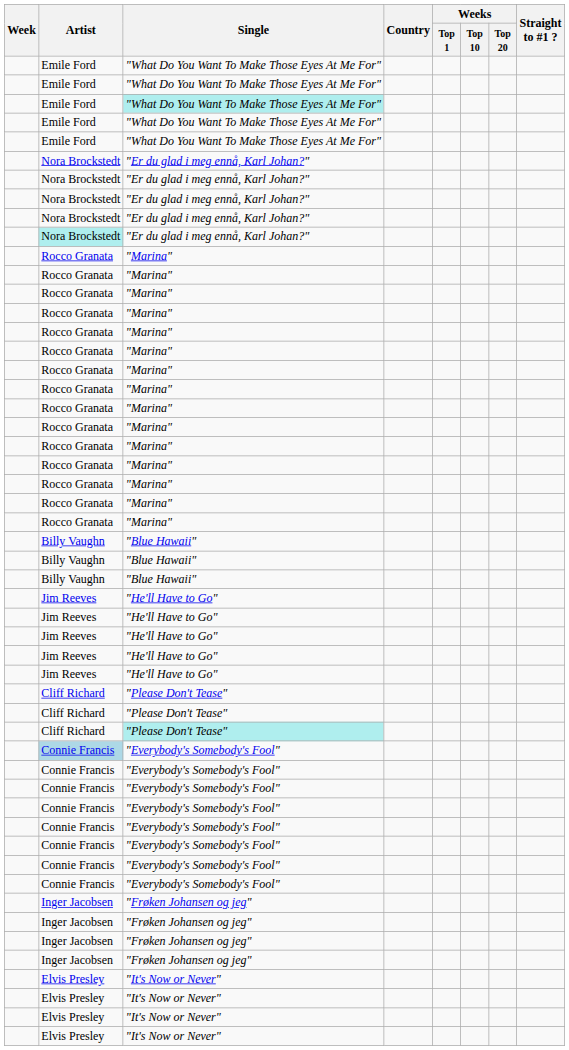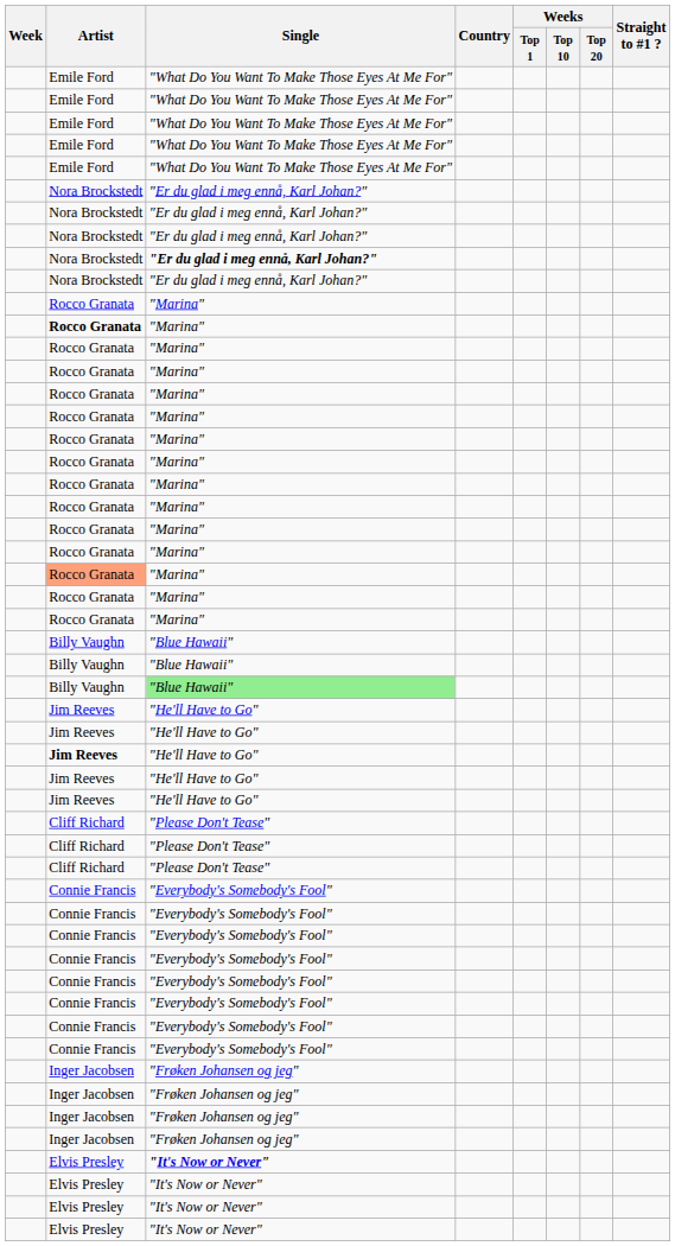 <table class="wikitable">
 <tr>
 <th rowspan="2">Week</th>
 <th rowspan="2">Artist</th>
 <th rowspan="2">Single</th>
 <th rowspan="2">Country</th>
 <th colspan="3">Weeks</th>
 <th rowspan="2">Straight <br>to #1 ?</th>
 </tr>
 <tr>
 <th width="30"><small>Top 1</small></th>
 <th width="30"><small>Top 10</small></th>
 <th width="30"><small>Top 20</small></th>
 </tr>
 <tr>
 <td></td>
 <td>Emile Ford</td>
 <td><em>"What Do You Want To Make Those Eyes At Me For"</em></td>
 <td></td>
 <td></td>
 <td></td>
 <td></td>
 <td></td>
 </tr>
 <tr>
 <td></td>
 <td>Emile Ford</td>
 <td><em>"What Do You Want To Make Those Eyes At Me For"</em></td>
 <td></td>
 <td></td>
 <td></td>
 <td></td>
 <td></td>
 </tr>
 <tr>
 <td></td>
 <td>Emile Ford</td>
-<td style="background: paleturquoise;"><em>"What Do You Want To Make Those Eyes At Me For"</em></td>
+<td><em>"What Do You Want To Make Those Eyes At Me For"</em></td>
 <td></td>
 <td></td>
 <td></td>
 <td></td>
 <td></td>
 </tr>
 <tr>
 <td></td>
 <td>Emile Ford</td>
 <td><em>"What Do You Want To Make Those Eyes At Me For"</em></td>
 <td></td>
 <td></td>
 <td></td>
 <td></td>
 <td></td>
 </tr>
 <tr>
 <td></td>
 <td>Emile Ford</td>
 <td><em>"What Do You Want To Make Those Eyes At Me For"</em></td>
 <td></td>
 <td></td>
 <td></td>
 <td></td>
 <td></td>
 </tr>
 <tr>
 <td></td>
 <td><a href='#'>Nora Brockstedt</a></td>
 <td><em>"<a href='#'>Er du glad i meg ennå, Karl Johan?</a>"</em></td>
 <td></td>
 <td></td>
 <td></td>
 <td></td>
 <td></td>
 </tr>
 <tr>
 <td></td>
 <td>Nora Brockstedt</td>
 <td><em>"Er du glad i meg ennå, Karl Johan?"</em></td>
 <td></td>
 <td></td>
 <td></td>
 <td></td>
 <td></td>
 </tr>
 <tr>
 <td></td>
 <td>Nora Brockstedt</td>
 <td><em>"Er du glad i meg ennå, Karl Johan?"</em></td>
 <td></td>
 <td></td>
 <td></td>
 <td></td>
 <td></td>
 </tr>
 <tr>
 <td></td>
 <td>Nora Brockstedt</td>
-<td><em>"Er du glad i meg ennå, Karl Johan?"</em></td>
+<td><strong><em>"Er du glad i meg ennå, Karl Johan?"</em></strong></td>
 <td></td>
 <td></td>
 <td></td>
 <td></td>
 <td></td>
 </tr>
 <tr>
 <td></td>
-<td style="background: paleturquoise;">Nora Brockstedt</td>
+<td>Nora Brockstedt</td>
 <td><em>"Er du glad i meg ennå, Karl Johan?"</em></td>
 <td></td>
 <td></td>
 <td></td>
 <td></td>
 <td></td>
 </tr>
 <tr>
 <td></td>
 <td><a href='#'>Rocco Granata</a></td>
 <td><em>"<a href='#'>Marina</a>"</em></td>
 <td></td>
 <td></td>
 <td></td>
 <td></td>
 <td></td>
 </tr>
 <tr>
 <td></td>
-<td>Rocco Granata</td>
+<td><strong>Rocco Granata</strong></td>
 <td><em>"Marina"</em></td>
 <td></td>
 <td></td>
 <td></td>
 <td></td>
 <td></td>
 </tr>
 <tr>
 <td></td>
 <td>Rocco Granata</td>
 <td><em>"Marina"</em></td>
 <td></td>
 <td></td>
 <td></td>
 <td></td>
 <td></td>
 </tr>
 <tr>
 <td></td>
 <td>Rocco Granata</td>
 <td><em>"Marina"</em></td>
 <td></td>
 <td></td>
 <td></td>
 <td></td>
 <td></td>
 </tr>
 <tr>
 <td></td>
 <td>Rocco Granata</td>
 <td><em>"Marina"</em></td>
 <td></td>
 <td></td>
 <td></td>
 <td></td>
 <td></td>
 </tr>
 <tr>
 <td></td>
 <td>Rocco Granata</td>
 <td><em>"Marina"</em></td>
 <td></td>
 <td></td>
 <td></td>
 <td></td>
 <td></td>
 </tr>
 <tr>
 <td></td>
 <td>Rocco Granata</td>
 <td><em>"Marina"</em></td>
 <td></td>
 <td></td>
 <td></td>
 <td></td>
 <td></td>
 </tr>
 <tr>
 <td></td>
 <td>Rocco Granata</td>
 <td><em>"Marina"</em></td>
 <td></td>
 <td></td>
 <td></td>
 <td></td>
 <td></td>
 </tr>
 <tr>
 <td></td>
 <td>Rocco Granata</td>
 <td><em>"Marina"</em></td>
 <td></td>
 <td></td>
 <td></td>
 <td></td>
 <td></td>
 </tr>
 <tr>
 <td></td>
 <td>Rocco Granata</td>
 <td><em>"Marina"</em></td>
 <td></td>
 <td></td>
 <td></td>
 <td></td>
 <td></td>
 </tr>
 <tr>
 <td></td>
 <td>Rocco Granata</td>
 <td><em>"Marina"</em></td>
 <td></td>
 <td></td>
 <td></td>
 <td></td>
 <td></td>
 </tr>
 <tr>
 <td></td>
 <td>Rocco Granata</td>
 <td><em>"Marina"</em></td>
 <td></td>
 <td></td>
 <td></td>
 <td></td>
 <td></td>
 </tr>
 <tr>
 <td></td>
-<td>Rocco Granata</td>
+<td style="background: lightsalmon;">Rocco Granata</td>
 <td><em>"Marina"</em></td>
 <td></td>
 <td></td>
 <td></td>
 <td></td>
 <td></td>
 </tr>
 <tr>
 <td></td>
 <td>Rocco Granata</td>
 <td><em>"Marina"</em></td>
 <td></td>
 <td></td>
 <td></td>
 <td></td>
 <td></td>
 </tr>
 <tr>
 <td></td>
 <td>Rocco Granata</td>
 <td><em>"Marina"</em></td>
 <td></td>
 <td></td>
 <td></td>
 <td></td>
 <td></td>
 </tr>
 <tr>
 <td></td>
 <td><a href='#'>Billy Vaughn</a></td>
 <td><em>"<a href='#'>Blue Hawaii</a>"</em></td>
 <td></td>
 <td></td>
 <td></td>
 <td></td>
 <td></td>
 </tr>
 <tr>
 <td></td>
 <td>Billy Vaughn</td>
 <td><em>"Blue Hawaii"</em></td>
 <td></td>
 <td></td>
 <td></td>
 <td></td>
 <td></td>
 </tr>
 <tr>
 <td></td>
 <td>Billy Vaughn</td>
-<td><em>"Blue Hawaii"</em></td>
+<td style="background: lightgreen;"><em>"Blue Hawaii"</em></td>
 <td></td>
 <td></td>
 <td></td>
 <td></td>
 <td></td>
 </tr>
 <tr>
 <td></td>
 <td><a href='#'>Jim Reeves</a></td>
 <td><em>"<a href='#'>He'll Have to Go</a>"</em></td>
 <td></td>
 <td></td>
 <td></td>
 <td></td>
 <td></td>
 </tr>
 <tr>
 <td></td>
 <td>Jim Reeves</td>
 <td><em>"He'll Have to Go"</em></td>
 <td></td>
 <td></td>
 <td></td>
 <td></td>
 <td></td>
 </tr>
 <tr>
 <td></td>
-<td>Jim Reeves</td>
+<td><strong>Jim Reeves</strong></td>
 <td><em>"He'll Have to Go"</em></td>
 <td></td>
 <td></td>
 <td></td>
 <td></td>
 <td></td>
 </tr>
 <tr>
 <td></td>
 <td>Jim Reeves</td>
 <td><em>"He'll Have to Go"</em></td>
 <td></td>
 <td></td>
 <td></td>
 <td></td>
 <td></td>
 </tr>
 <tr>
 <td></td>
 <td>Jim Reeves</td>
 <td><em>"He'll Have to Go"</em></td>
 <td></td>
 <td></td>
 <td></td>
 <td></td>
 <td></td>
 </tr>
 <tr>
 <td></td>
 <td><a href='#'>Cliff Richard</a></td>
 <td><em>"<a href='#'>Please Don't Tease</a>"</em></td>
 <td></td>
 <td></td>
 <td></td>
 <td></td>
 <td></td>
 </tr>
 <tr>
 <td></td>
 <td>Cliff Richard</td>
 <td><em>"Please Don't Tease"</em></td>
 <td></td>
 <td></td>
 <td></td>
 <td></td>
 <td></td>
 </tr>
 <tr>
 <td></td>
 <td>Cliff Richard</td>
-<td style="background: paleturquoise;"><em>"Please Don't Tease"</em></td>
+<td><em>"Please Don't Tease"</em></td>
 <td></td>
 <td></td>
 <td></td>
 <td></td>
 <td></td>
 </tr>
 <tr>
 <td></td>
-<td style="background: lightblue;"><a href='#'>Connie Francis</a></td>
+<td><a href='#'>Connie Francis</a></td>
 <td><em>"<a href='#'>Everybody's Somebody's Fool</a>"</em></td>
 <td></td>
 <td></td>
 <td></td>
 <td></td>
 <td></td>
 </tr>
 <tr>
 <td></td>
 <td>Connie Francis</td>
 <td><em>"Everybody's Somebody's Fool"</em></td>
 <td></td>
 <td></td>
 <td></td>
 <td></td>
 <td></td>
 </tr>
 <tr>
 <td></td>
 <td>Connie Francis</td>
 <td><em>"Everybody's Somebody's Fool"</em></td>
 <td></td>
 <td></td>
 <td></td>
 <td></td>
 <td></td>
 </tr>
 <tr>
 <td></td>
 <td>Connie Francis</td>
 <td><em>"Everybody's Somebody's Fool"</em></td>
 <td></td>
 <td></td>
 <td></td>
 <td></td>
 <td></td>
 </tr>
 <tr>
 <td></td>
 <td>Connie Francis</td>
 <td><em>"Everybody's Somebody's Fool"</em></td>
 <td></td>
 <td></td>
 <td></td>
 <td></td>
 <td></td>
 </tr>
 <tr>
 <td></td>
 <td>Connie Francis</td>
 <td><em>"Everybody's Somebody's Fool"</em></td>
 <td></td>
 <td></td>
 <td></td>
 <td></td>
 <td></td>
 </tr>
 <tr>
 <td></td>
 <td>Connie Francis</td>
 <td><em>"Everybody's Somebody's Fool"</em></td>
 <td></td>
 <td></td>
 <td></td>
 <td></td>
 <td></td>
 </tr>
 <tr>
 <td></td>
 <td>Connie Francis</td>
 <td><em>"Everybody's Somebody's Fool"</em></td>
 <td></td>
 <td></td>
 <td></td>
 <td></td>
 <td></td>
 </tr>
 <tr>
 <td></td>
 <td><a href='#'>Inger Jacobsen</a></td>
 <td><em>"<a href='#'>Frøken Johansen og jeg</a>"</em></td>
 <td></td>
 <td></td>
 <td></td>
 <td></td>
 <td></td>
 </tr>
 <tr>
 <td></td>
 <td>Inger Jacobsen</td>
 <td><em>"Frøken Johansen og jeg"</em></td>
 <td></td>
 <td></td>
 <td></td>
 <td></td>
 <td></td>
 </tr>
 <tr>
 <td></td>
 <td>Inger Jacobsen</td>
 <td><em>"Frøken Johansen og jeg"</em></td>
 <td></td>
 <td></td>
 <td></td>
 <td></td>
 <td></td>
 </tr>
 <tr>
 <td></td>
 <td>Inger Jacobsen</td>
 <td><em>"Frøken Johansen og jeg"</em></td>
 <td></td>
 <td></td>
 <td></td>
 <td></td>
 <td></td>
 </tr>
 <tr>
 <td></td>
 <td><a href='#'>Elvis Presley</a></td>
-<td><em>"<a href='#'>It's Now or Never</a>"</em></td>
+<td><strong><em>"<a href='#'>It's Now or Never</a>"</em></strong></td>
 <td></td>
 <td></td>
 <td></td>
 <td></td>
 <td></td>
 </tr>
 <tr>
 <td></td>
 <td>Elvis Presley</td>
 <td><em>"It's Now or Never"</em></td>
 <td></td>
 <td></td>
 <td></td>
 <td></td>
 <td></td>
 </tr>
 <tr>
 <td></td>
 <td>Elvis Presley</td>
 <td><em>"It's Now or Never"</em></td>
 <td></td>
 <td></td>
 <td></td>
 <td></td>
 <td></td>
 </tr>
 <tr>
 <td></td>
 <td>Elvis Presley</td>
 <td><em>"It's Now or Never"</em></td>
 <td></td>
 <td></td>
 <td></td>
 <td></td>
 <td></td>
 </tr>
 </table>
